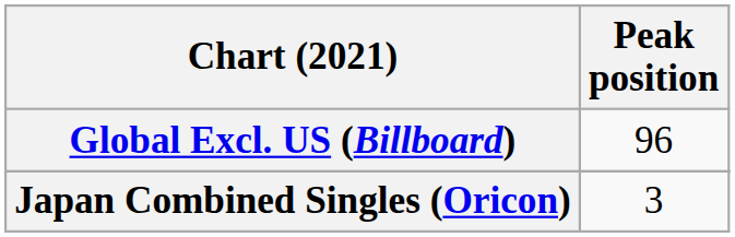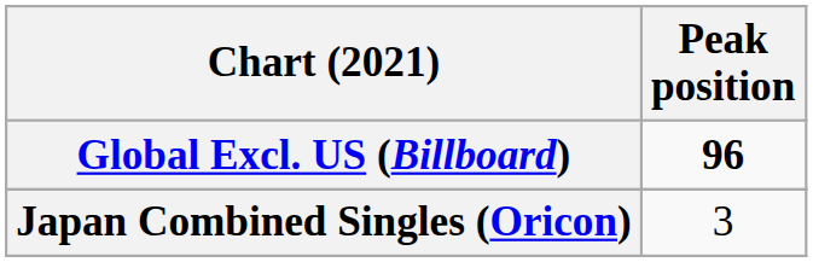 <table class="wikitable sortable plainrowheaders" style="text-align:center">
 <tr>
 <th scope="col">Chart (2021)</th>
 <th scope="col">Peak<br>position</th>
 </tr>
 <tr>
 <th scope="row"><a href='#'>Global Excl. US</a> (<em><a href='#'>Billboard</a></em>)</th>
-<td>96</td>
+<td><strong>96</strong></td>
 </tr>
 <tr>
 </tr>
 <tr>
 <th scope="row">Japan Combined Singles (<a href='#'>Oricon</a>)</th>
 <td>3</td>
 </tr>
 </table>
